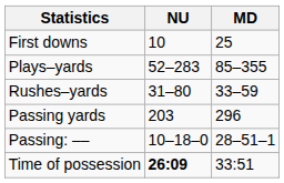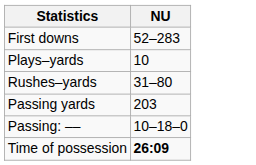 <table class="wikitable" style="float:left">
 <tr>
 <th>Statistics</th>
 <th>NU</th>
-<th>MD</th>
 </tr>
 <tr>
 <td>First downs</td>
-<td>10</td>
-<td>25</td>
+<td>52–283</td>
 </tr>
 <tr>
 <td>Plays–yards</td>
-<td>52–283</td>
-<td>85–355</td>
+<td>10</td>
 </tr>
 <tr>
 <td>Rushes–yards</td>
 <td>31–80</td>
-<td>33–59</td>
 </tr>
 <tr>
 <td>Passing yards</td>
 <td>203</td>
-<td>296</td>
 </tr>
 <tr>
 <td>Passing: ––</td>
 <td>10–18–0</td>
-<td>28–51–1</td>
 </tr>
 <tr>
 <td>Time of possession</td>
 <td><strong>26:09</strong></td>
-<td>33:51</td>
 </tr>
 </table>
